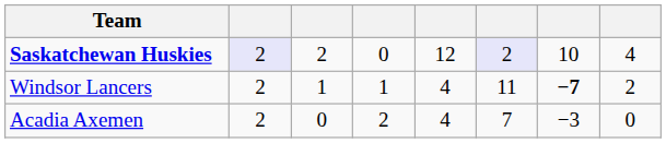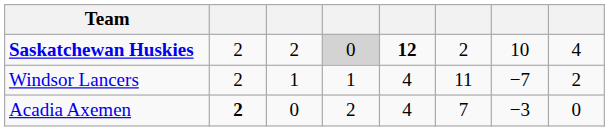 <table class="wikitable" style="text-align:center;">
 <tr>
 <th width=165>Team</th>
 <th width=40></th>
 <th width=40></th>
 <th width=40></th>
 <th width=40></th>
 <th width=40></th>
 <th width=40></th>
 <th width=40></th>
 </tr>
 <tr>
 <td style="text-align:left;"><strong><a href='#'>Saskatchewan Huskies</a></strong></td>
-<td style="background: lavender;">2</td>
 <td>2</td>
-<td>0</td>
-<td>12</td>
-<td style="background: lavender;">2</td>
+<td>2</td>
+<td style="background: lightgrey;">0</td>
+<td><strong>12</strong></td>
+<td>2</td>
 <td>10</td>
 <td>4</td>
 </tr>
 <tr>
 <td style="text-align:left;"><a href='#'>Windsor Lancers</a></td>
 <td>2</td>
 <td>1</td>
 <td>1</td>
 <td>4</td>
 <td>11</td>
-<td><strong>−7</strong></td>
+<td>−7</td>
 <td>2</td>
 </tr>
 <tr>
 <td style="text-align:left;"><a href='#'>Acadia Axemen</a></td>
-<td>2</td>
+<td><strong>2</strong></td>
 <td>0</td>
 <td>2</td>
 <td>4</td>
 <td>7</td>
 <td>−3</td>
 <td>0</td>
 </tr>
 </table>
